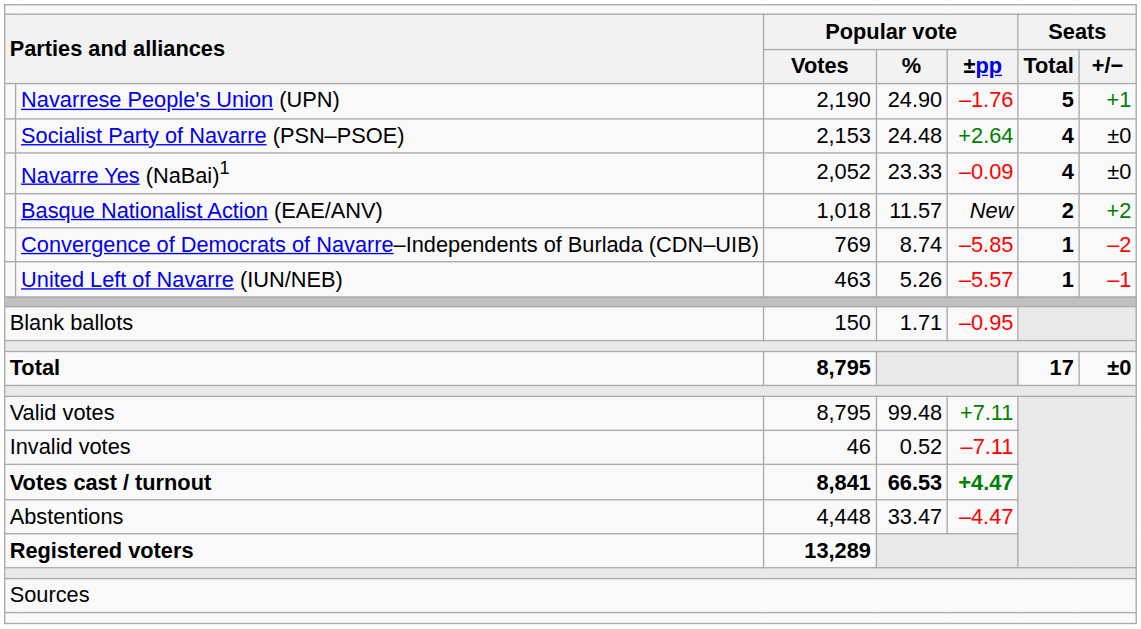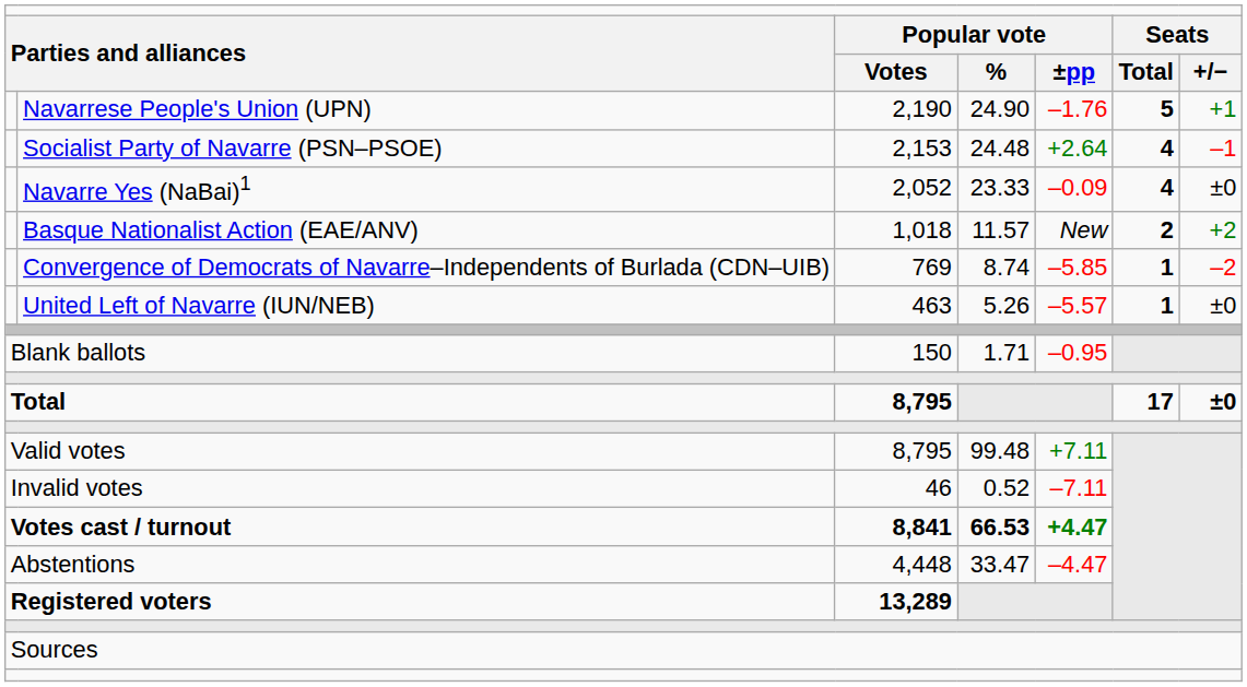 <table class="wikitable" style="text-align:right;">
 <tr>
 <td colspan="7"></td>
 </tr>
 <tr>
 <th style="text-align:left;" rowspan="2" colspan="2" width="525">Parties and alliances</th>
 <th colspan="3">Popular vote</th>
 <th colspan="2">Seats</th>
 </tr>
 <tr>
 <th width="75">Votes</th>
 <th width="45">%</th>
 <th width="45">±<a href='#'>pp</a></th>
 <th width="35">Total</th>
 <th width="35">+/−</th>
 </tr>
 <tr>
 <td width="1" style="color:inherit;background:"></td>
 <td align="left"><a href='#'>Navarrese People's Union</a> (UPN)</td>
 <td>2,190</td>
 <td>24.90</td>
 <td style="color:red;">–1.76</td>
 <td><strong>5</strong></td>
 <td style="color:green;">+1</td>
 </tr>
 <tr>
 <td style="color:inherit;background:"></td>
 <td align="left"><a href='#'>Socialist Party of Navarre</a> (PSN–PSOE)</td>
 <td>2,153</td>
 <td>24.48</td>
 <td style="color:green;">+2.64</td>
 <td><strong>4</strong></td>
-<td>±0</td>
+<td style="color:red;">–1</td>
 </tr>
 <tr>
 <td style="color:inherit;background:"></td>
 <td align="left"><a href='#'>Navarre Yes</a> (NaBai)<sup>1</sup></td>
 <td>2,052</td>
 <td>23.33</td>
 <td style="color:red;">–0.09</td>
 <td><strong>4</strong></td>
 <td>±0</td>
 </tr>
 <tr>
 <td style="color:inherit;background:"></td>
 <td align="left"><a href='#'>Basque Nationalist Action</a> (EAE/ANV)</td>
 <td>1,018</td>
 <td>11.57</td>
 <td><em>New</em></td>
 <td><strong>2</strong></td>
 <td style="color:green;">+2</td>
 </tr>
 <tr>
 <td style="color:inherit;background:"></td>
 <td align="left"><a href='#'>Convergence of Democrats of Navarre</a>–Independents of Burlada (CDN–UIB)</td>
 <td>769</td>
 <td>8.74</td>
 <td style="color:red;">–5.85</td>
 <td><strong>1</strong></td>
 <td style="color:red;">–2</td>
 </tr>
 <tr>
 <td style="color:inherit;background:"></td>
 <td align="left"><a href='#'>United Left of Navarre</a> (IUN/NEB)</td>
 <td>463</td>
 <td>5.26</td>
 <td style="color:red;">–5.57</td>
 <td><strong>1</strong></td>
-<td style="color:red;">–1</td>
+<td>±0</td>
 </tr>
 <tr>
 <td colspan="7" bgcolor="#C0C0C0"></td>
 </tr>
 <tr>
 <td align="left" colspan="2">Blank ballots</td>
 <td>150</td>
 <td>1.71</td>
 <td style="color:red;">–0.95</td>
 <td bgcolor="#E9E9E9" colspan="2"></td>
 </tr>
 <tr>
 <td colspan="7" bgcolor="#E9E9E9"></td>
 </tr>
 <tr style="font-weight:bold;">
 <td align="left" colspan="2">Total</td>
 <td>8,795</td>
 <td bgcolor="#E9E9E9" colspan="2"></td>
 <td>17</td>
 <td>±0</td>
 </tr>
 <tr>
 <td colspan="7" bgcolor="#E9E9E9"></td>
 </tr>
 <tr>
 <td align="left" colspan="2">Valid votes</td>
 <td>8,795</td>
 <td>99.48</td>
 <td style="color:green;">+7.11</td>
 <td bgcolor="#E9E9E9" colspan="2" rowspan="5"></td>
 </tr>
 <tr>
 <td align="left" colspan="2">Invalid votes</td>
 <td>46</td>
 <td>0.52</td>
 <td style="color:red;">–7.11</td>
 </tr>
 <tr style="font-weight:bold;">
 <td align="left" colspan="2">Votes cast / turnout</td>
 <td>8,841</td>
 <td>66.53</td>
 <td style="color:green;">+4.47</td>
 </tr>
 <tr>
 <td align="left" colspan="2">Abstentions</td>
 <td>4,448</td>
 <td>33.47</td>
 <td style="color:red;">–4.47</td>
 </tr>
 <tr style="font-weight:bold;">
 <td align="left" colspan="2">Registered voters</td>
 <td>13,289</td>
 <td bgcolor="#E9E9E9" colspan="2"></td>
 </tr>
 <tr>
 <td colspan="7" bgcolor="#E9E9E9"></td>
 </tr>
 <tr>
 <td align="left" colspan="7">Sources</td>
 </tr>
 <tr>
 <td colspan="7" style="text-align:left; max-width:790px;"></td>
 </tr>
 </table>
